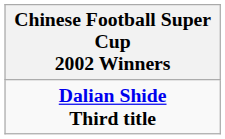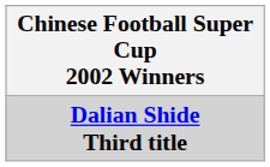 <table class="wikitable" style="text-align: center; margin: 0 auto; width: 20%">
 <tr>
 <th>Chinese Football Super Cup <br>2002 Winners</th>
 </tr>
 <tr>
-<td><strong><a href='#'>Dalian Shide</a></strong><br><strong>Third title</strong></td>
+<td style="background: lightgrey;"><strong><a href='#'>Dalian Shide</a></strong><br><strong>Third title</strong></td>
 </tr>
 </table>
